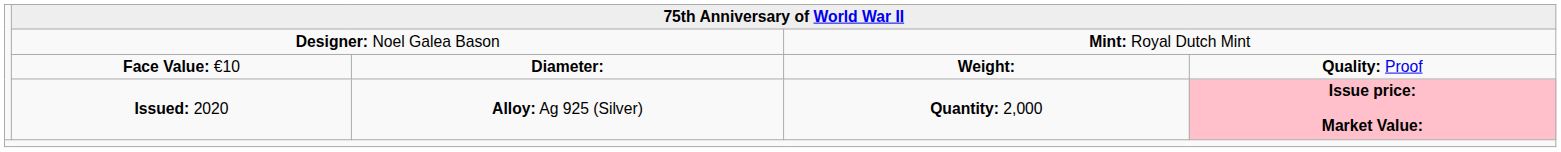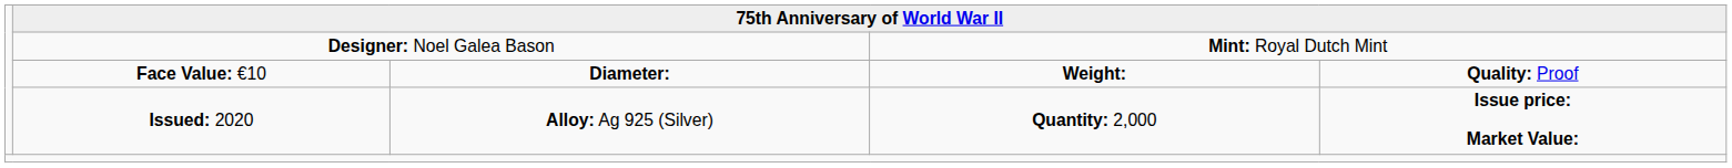 <table class="wikitable" width=100%>
 <tr>
 <td rowspan=4 width="330px" nowrap align=center></td>
 <th colspan="4" align=center style="background:#eeeeee;">75th Anniversary of <a href='#'>World War II</a></th>
 </tr>
 <tr>
 <td colspan="2" width="50%" align=center><strong>Designer:</strong> Noel Galea Bason</td>
 <td colspan="2" width="50%" align=center><strong>Mint:</strong> Royal Dutch Mint</td>
 </tr>
 <tr>
 <td align=center><strong>Face Value:</strong> €10</td>
 <td align=center><strong>Diameter:</strong> </td>
 <td align=center><strong>Weight:</strong> </td>
 <td align=center><strong>Quality:</strong> <a href='#'>Proof</a></td>
 </tr>
 <tr>
 <td align=center><strong>Issued:</strong> 2020</td>
 <td align=center><strong>Alloy:</strong> Ag 925 (Silver)</td>
 <td align=center><strong>Quantity:</strong> 2,000</td>
-<td align=center style="background: pink;"><strong>Issue price:</strong><br><br> <strong>Market Value:</strong></td>
+<td align=center><strong>Issue price:</strong><br><br> <strong>Market Value:</strong></td>
 </tr>
 <tr>
 <td colspan="5" align=left></td>
 </tr>
 </table>
